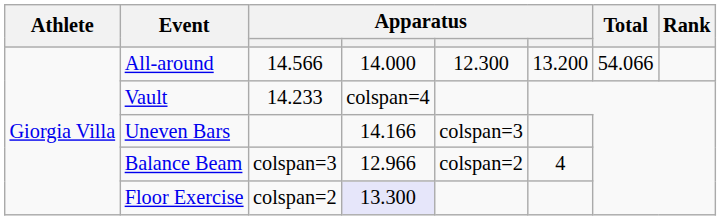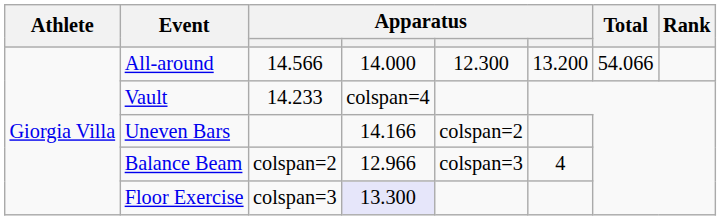 <table class="wikitable" style="font-size:90%">
 <tr>
 <th rowspan=2>Athlete</th>
 <th rowspan=2>Event</th>
 <th colspan=4>Apparatus</th>
 <th rowspan=2>Total</th>
 <th rowspan=2>Rank</th>
 </tr>
 <tr style="font-size:95%">
 <th></th>
 <th></th>
 <th></th>
 <th></th>
 </tr>
 <tr align=center>
 <td align=left rowspan=5><a href='#'>Giorgia Villa</a></td>
 <td align=left><a href='#'>All-around</a></td>
 <td>14.566</td>
 <td>14.000</td>
 <td>12.300</td>
 <td>13.200</td>
 <td>54.066</td>
 <td></td>
 </tr>
 <tr align=center>
 <td align=left><a href='#'>Vault</a></td>
 <td>14.233</td>
 <td>colspan=4 </td>
 <td></td>
 </tr>
 <tr align=center>
 <td align=left><a href='#'>Uneven Bars</a></td>
 <td></td>
 <td>14.166</td>
-<td>colspan=3 </td>
+<td>colspan=2 </td>
 <td></td>
 </tr>
 <tr align=center>
 <td align=left><a href='#'>Balance Beam</a></td>
+<td>colspan=2 </td>
+<td>12.966</td>
 <td>colspan=3 </td>
-<td>12.966</td>
-<td>colspan=2 </td>
 <td>4</td>
 </tr>
 <tr align=center>
 <td align=left><a href='#'>Floor Exercise</a></td>
-<td>colspan=2 </td>
+<td>colspan=3 </td>
 <td style="background: lavender;">13.300</td>
 <td></td>
 <td></td>
 </tr>
 </table>
